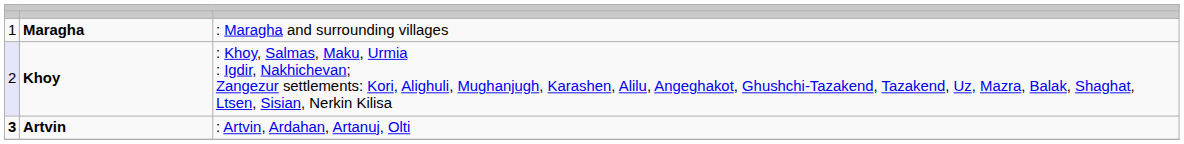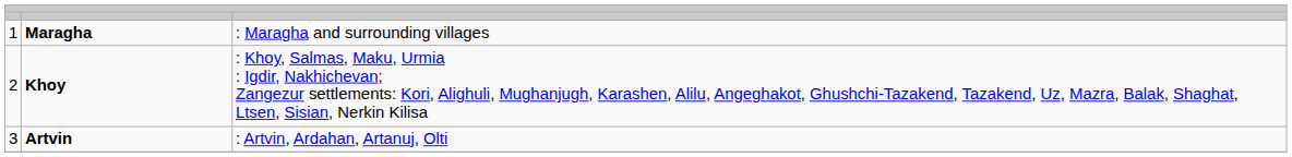 <table class="wikitable" style="font-size:100%;width:100%">
 <tr>
 <td colspan="8"  style="background:#C9C9C9; color:black"></td>
 </tr>
 <tr bgcolor="#C9C9C9">
 <td></td>
 <td width="200"></td>
 <td></td>
 </tr>
 <tr>
 <td>1</td>
 <td><strong>Maragha</strong></td>
 <td><strong></strong>: <a href='#'>Maragha</a> and surrounding villages</td>
 </tr>
 <tr>
-<td style="background: lavender;">2</td>
+<td>2</td>
 <td><strong>Khoy</strong></td>
 <td><strong></strong>: <a href='#'>Khoy</a>, <a href='#'>Salmas</a>, <a href='#'>Maku</a>, <a href='#'>Urmia</a> <br><strong></strong>: <a href='#'>Igdir</a>, <a href='#'>Nakhichevan</a>; <br><a href='#'>Zangezur</a> settlements: <a href='#'>Kori</a>, <a href='#'>Alighuli</a>, <a href='#'>Mughanjugh</a>, <a href='#'>Karashen</a>, <a href='#'>Alilu</a>, <a href='#'>Angeghakot</a>, <a href='#'>Ghushchi-Tazakend</a>, <a href='#'>Tazakend</a>, <a href='#'>Uz</a>, <a href='#'>Mazra</a>, <a href='#'>Balak</a>, <a href='#'>Shaghat</a>, <a href='#'>Ltsen</a>, <a href='#'>Sisian</a>, Nerkin Kilisa</td>
 </tr>
 <tr>
-<td><strong>3</strong></td>
+<td>3</td>
 <td><strong>Artvin</strong></td>
 <td><strong></strong>: <a href='#'>Artvin</a>, <a href='#'>Ardahan</a>, <a href='#'>Artanuj</a>, <a href='#'>Olti</a></td>
 </tr>
 <tr>
 </tr>
 </table>
